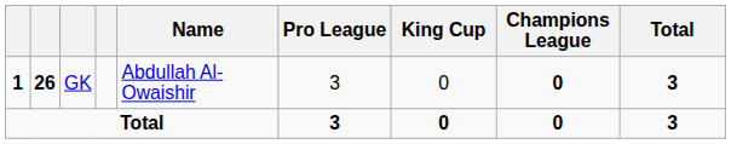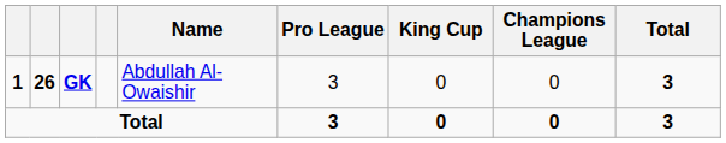 <table class="wikitable" style="text-align:center">
 <tr>
 <th width=15></th>
 <th width=15></th>
 <th width=15></th>
 <th width=15></th>
 <th width=155>Name</th>
 <th width=100>Pro League</th>
 <th width=100>King Cup</th>
 <th width=100>Champions League</th>
 <th width=100>Total</th>
 </tr>
 <tr>
 <td><strong>1</strong></td>
 <td><strong>26</strong></td>
-<td><a href='#'>GK</a></td>
+<td><strong><a href='#'>GK</a></strong></td>
 <td></td>
 <td align=left><a href='#'>Abdullah Al-Owaishir</a></td>
 <td>3</td>
 <td>0</td>
-<td><strong>0</strong></td>
+<td>0</td>
 <td><strong>3</strong></td>
 </tr>
 <tr>
 <td colspan=5><strong>Total</strong></td>
 <td><strong>3</strong></td>
 <td><strong>0</strong></td>
 <td><strong>0</strong></td>
 <td><strong>3</strong></td>
 </tr>
 </table>
